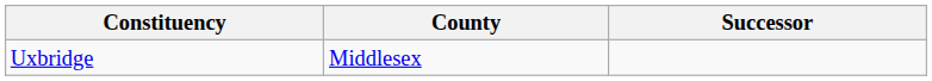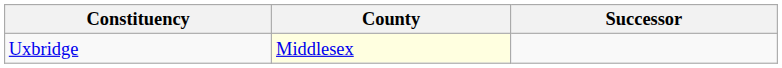 <table class="wikitable">
 <tr>
 <th width="225px">Constituency</th>
 <th width="200px">County</th>
 <th width="225px">Successor</th>
 </tr>
 <tr>
 <td><a href='#'>Uxbridge</a></td>
-<td><a href='#'>Middlesex</a></td>
+<td style="background: lightyellow;"><a href='#'>Middlesex</a></td>
 </tr>
 </table>
